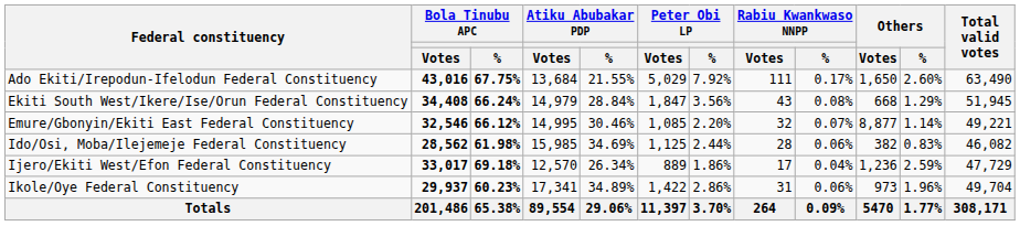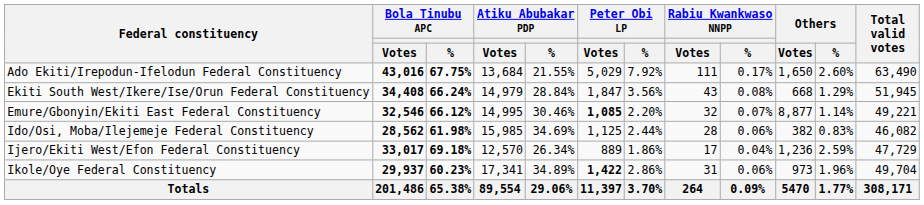 <table class="wikitable sortable" style="text-align:right; font-size:90%">
 <tr>
 <th rowspan="3" style="max-width:7.5em;">Federal constituency</th>
 <th colspan="2"><a href='#'>Bola Tinubu</a><br><small>APC</small></th>
 <th colspan="2"><a href='#'>Atiku Abubakar</a><br><small>PDP</small></th>
 <th colspan="2"><a href='#'>Peter Obi</a><br><small>LP</small></th>
 <th colspan="2"><a href='#'>Rabiu Kwankwaso</a><br><small>NNPP</small></th>
 <th colspan="2" rowspan="2">Others</th>
 <th rowspan="3" style="max-width:5em;">Total valid votes</th>
 </tr>
 <tr>
 <th colspan=2 style="background-color:"></th>
 <th colspan=2 style="background-color:"></th>
 <th colspan=2 style="background-color:"></th>
 <th colspan=2 style="background-color:"></th>
 </tr>
 <tr>
 <th>Votes</th>
 <th>%</th>
 <th>Votes</th>
 <th>%</th>
 <th>Votes</th>
 <th>%</th>
 <th>Votes</th>
 <th>%</th>
 <th>Votes</th>
 <th>%</th>
 </tr>
 <tr style="background-color:#">
 <td style="text-align:left;">Ado Ekiti/Irepodun-Ifelodun Federal Constituency</td>
 <td><strong>43,016</strong></td>
 <td><strong>67.75%</strong></td>
 <td>13,684</td>
 <td>21.55%</td>
 <td>5,029</td>
 <td>7.92%</td>
 <td>111</td>
 <td>0.17%</td>
 <td>1,650</td>
 <td>2.60%</td>
 <td>63,490</td>
 </tr>
 <tr style="background-color:#">
 <td style="text-align:left;">Ekiti South West/Ikere/Ise/Orun Federal Constituency</td>
 <td><strong>34,408</strong></td>
 <td><strong>66.24%</strong></td>
 <td>14,979</td>
 <td>28.84%</td>
 <td>1,847</td>
 <td>3.56%</td>
 <td>43</td>
 <td>0.08%</td>
 <td>668</td>
 <td>1.29%</td>
 <td>51,945</td>
 </tr>
 <tr style="background-color:#">
 <td style="text-align:left;">Emure/Gbonyin/Ekiti East Federal Constituency</td>
 <td><strong>32,546</strong></td>
 <td><strong>66.12%</strong></td>
 <td>14,995</td>
 <td>30.46%</td>
-<td>1,085</td>
+<td><strong>1,085</strong></td>
 <td>2.20%</td>
 <td>32</td>
 <td>0.07%</td>
 <td>8,877</td>
 <td>1.14%</td>
 <td>49,221</td>
 </tr>
 <tr style="background-color:#">
 <td style="text-align:left;">Ido/Osi, Moba/Ilejemeje Federal Constituency</td>
 <td><strong>28,562</strong></td>
 <td><strong>61.98%</strong></td>
 <td>15,985</td>
 <td>34.69%</td>
 <td>1,125</td>
 <td>2.44%</td>
 <td>28</td>
 <td>0.06%</td>
 <td>382</td>
 <td>0.83%</td>
 <td>46,082</td>
 </tr>
 <tr style="background-color:#">
 <td style="text-align:left;">Ijero/Ekiti West/Efon Federal Constituency</td>
 <td><strong>33,017</strong></td>
 <td><strong>69.18%</strong></td>
 <td>12,570</td>
 <td>26.34%</td>
 <td>889</td>
 <td>1.86%</td>
 <td>17</td>
 <td>0.04%</td>
 <td>1,236</td>
 <td>2.59%</td>
 <td>47,729</td>
 </tr>
 <tr style="background-color:#">
 <td style="text-align:left;">Ikole/Oye Federal Constituency</td>
 <td><strong>29,937</strong></td>
 <td><strong>60.23%</strong></td>
 <td>17,341</td>
 <td>34.89%</td>
-<td>1,422</td>
+<td><strong>1,422</strong></td>
 <td>2.86%</td>
 <td>31</td>
 <td>0.06%</td>
 <td>973</td>
 <td>1.96%</td>
 <td>49,704</td>
 </tr>
 <tr>
 <th>Totals</th>
 <th>201,486</th>
 <th>65.38%</th>
 <th>89,554</th>
 <th>29.06%</th>
 <th>11,397</th>
 <th>3.70%</th>
 <th>264</th>
 <th>0.09%</th>
 <th>5470</th>
 <th>1.77%</th>
 <th>308,171</th>
 </tr>
 </table>
